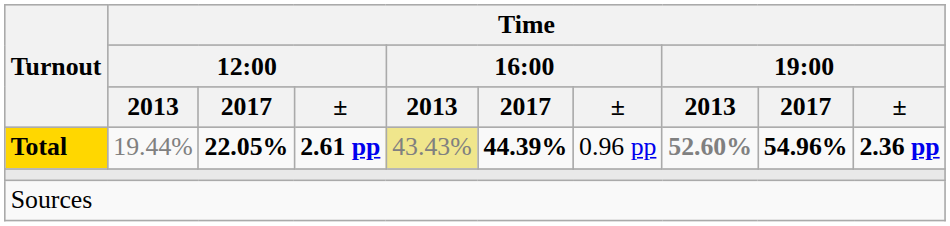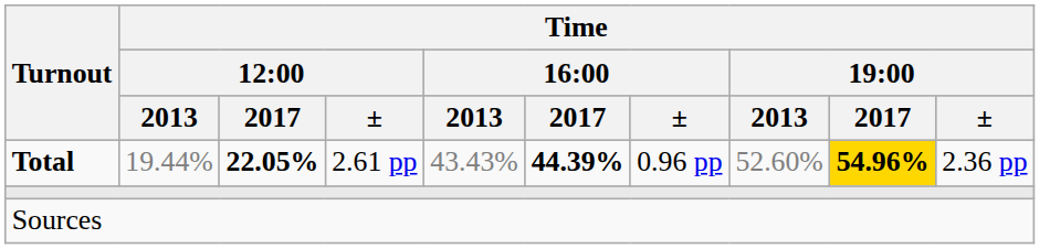 <table class="wikitable sortable" style="text-align:right;">
 <tr>
 <th rowspan="3">Turnout</th>
 <th colspan="9">Time</th>
 </tr>
 <tr>
 <th colspan="3">12:00</th>
 <th colspan="3">16:00</th>
 <th colspan="3">19:00</th>
 </tr>
 <tr>
 <th>2013</th>
 <th>2017</th>
 <th>±</th>
 <th>2013</th>
 <th>2017</th>
 <th>±</th>
 <th>2013</th>
 <th>2017</th>
 <th>±</th>
 </tr>
 <tr>
-<td align="left" style="background: gold;"><strong>Total</strong></td>
+<td align="left"><strong>Total</strong></td>
 <td style="color:gray;">19.44%</td>
 <td><strong>22.05%</strong></td>
-<td><strong> 2.61 <a href='#'>pp</a></strong></td>
-<td style="background: khaki; color:gray;">43.43%</td>
+<td> 2.61 <a href='#'>pp</a></td>
+<td style="color:gray;">43.43%</td>
 <td><strong>44.39%</strong></td>
 <td> 0.96 <a href='#'>pp</a></td>
-<td style="color:gray;"><strong>52.60%</strong></td>
-<td><strong>54.96%</strong></td>
-<td><strong> 2.36 <a href='#'>pp</a></strong></td>
+<td style="color:gray;">52.60%</td>
+<td style="background: gold;"><strong>54.96%</strong></td>
+<td> 2.36 <a href='#'>pp</a></td>
 </tr>
 <tr>
 <td colspan="10" style="color:inherit;background:#E9E9E9"></td>
 </tr>
 <tr>
 <td align="left" colspan="10">Sources</td>
 </tr>
 </table>
